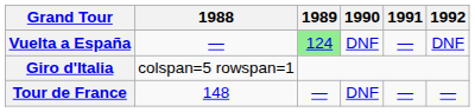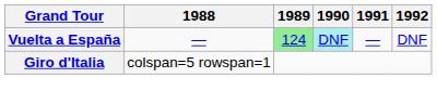 <table class="wikitable plainrowheaders">
 <tr>
 <th scope="col"><a href='#'>Grand Tour</a></th>
 <th scope="col">1988</th>
 <th scope="col">1989</th>
 <th scope="col">1990</th>
 <th scope="col">1991</th>
 <th scope="col">1992</th>
 </tr>
 <tr style="text-align:center;">
 <th scope="row"> <a href='#'>Vuelta a España</a></th>
 <td><a href='#'>—</a></td>
 <td style="background: lightgreen;"><a href='#'>124</a></td>
-<td><a href='#'>DNF</a></td>
+<td style="background: paleturquoise;"><a href='#'>DNF</a></td>
 <td><a href='#'>—</a></td>
 <td><a href='#'>DNF</a></td>
 </tr>
 <tr style="text-align:center;">
 <th scope="row"> <a href='#'>Giro d'Italia</a></th>
 <td>colspan=5 rowspan=1 </td>
 </tr>
-<tr style="text-align:center;">
-<th scope="row"> <a href='#'>Tour de France</a></th>
-<td><a href='#'>148</a></td>
-<td><a href='#'>—</a></td>
-<td><a href='#'>DNF</a></td>
-<td><a href='#'>—</a></td>
-<td><a href='#'>—</a></td>
-</tr>
 </table>
